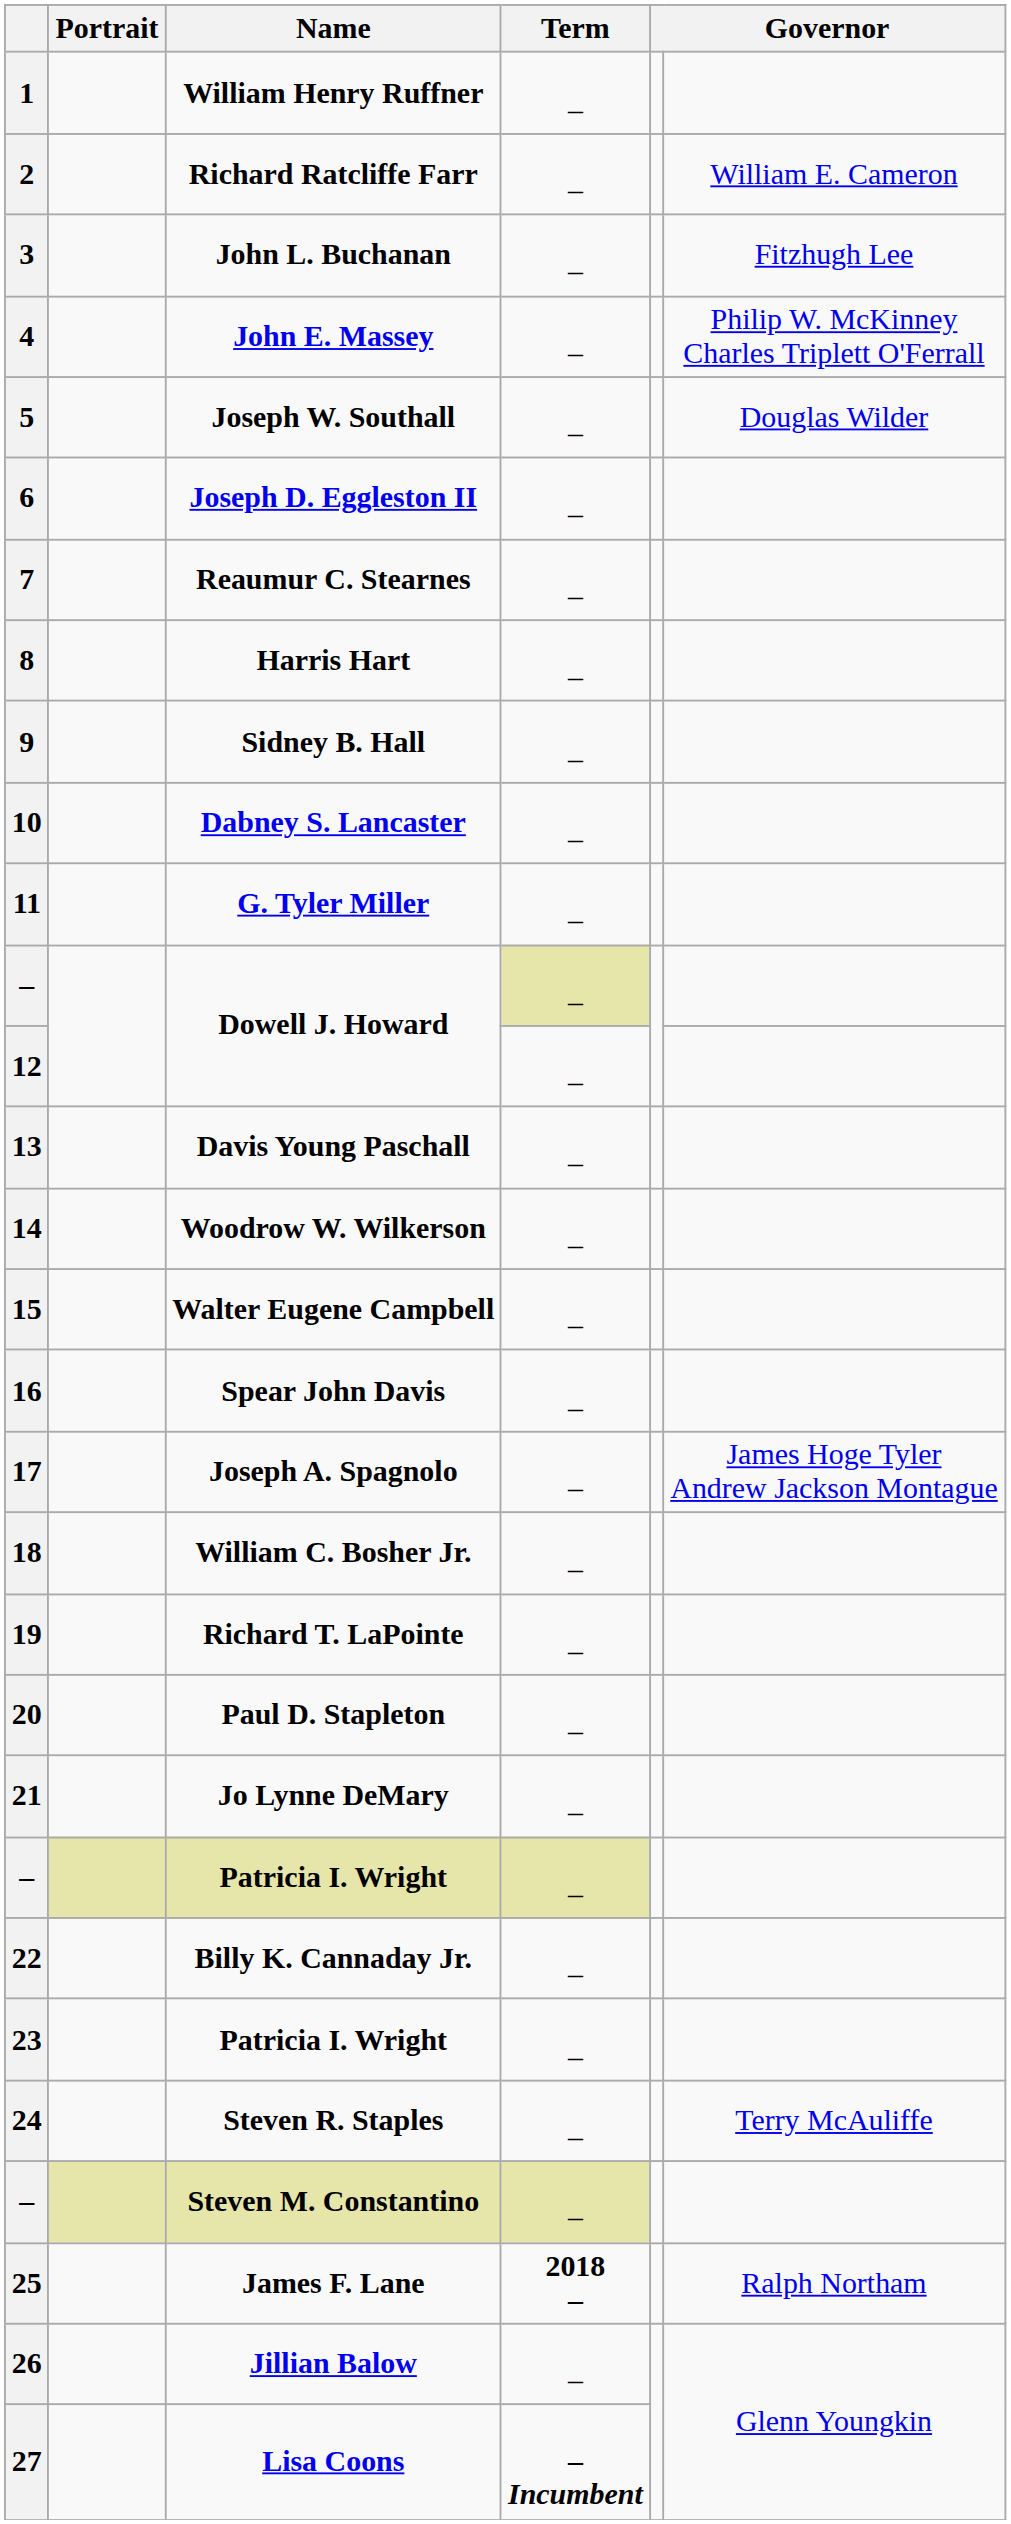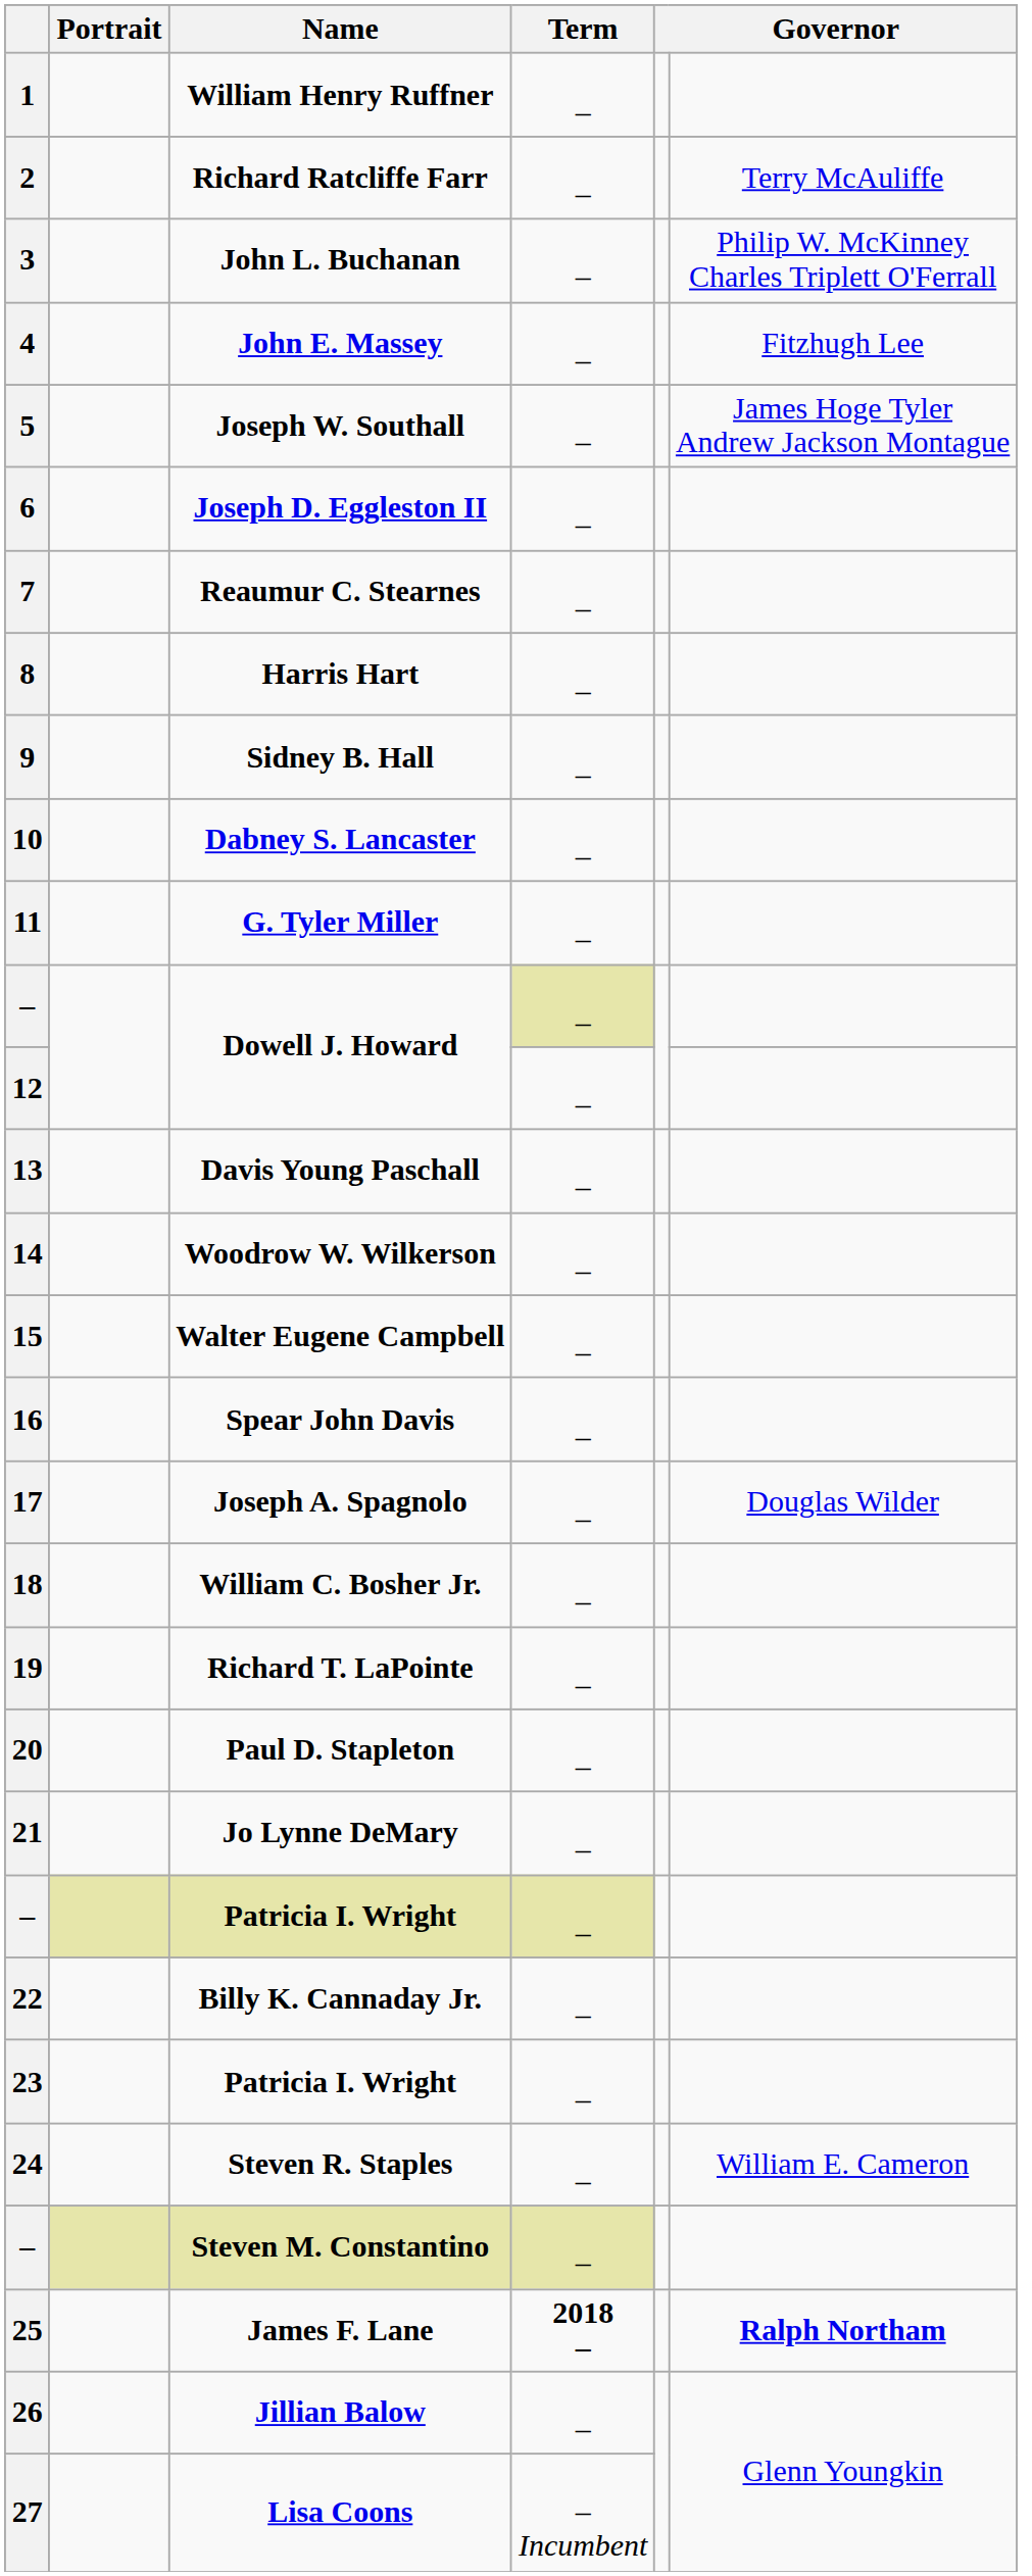 <table class="wikitable sortable" style=text-align:center;>
 <tr>
 <th scope=col></th>
 <th scope=col class=unsortable>Portrait</th>
 <th scope=col>Name<br></th>
 <th scope=col class=unsortable>Term</th>
 <th scope=col colspan=2>Governor</th>
 </tr>
 <tr>
 <th scope=row>1</th>
 <td></td>
 <td data-sort-value="Ruffner, William Henry"><strong>William Henry Ruffner</strong><br></td>
 <td><br>–<br></td>
 <td style="background-color:"></td>
 <td></td>
 </tr>
 <tr>
 <th scope=row>2</th>
 <td></td>
 <td data-sort-value="Farr, Richard Ratcliffe"><strong>Richard Ratcliffe Farr</strong><br></td>
 <td><br>–<br></td>
 <td style="background-color:"></td>
-<td><a href='#'>William E. Cameron</a></td>
+<td data-sort-value="McAuliffe, Terry"><a href='#'>Terry McAuliffe</a></td>
 </tr>
 <tr>
 <th scope=row>3</th>
 <td></td>
 <td data-sort-value="Buchanan, John L"><strong>John L. Buchanan</strong></td>
 <td><br>–<br></td>
 <td style="background-color:"></td>
-<td><a href='#'>Fitzhugh Lee</a></td>
+<td><a href='#'>Philip W. McKinney</a><br><a href='#'>Charles Triplett O'Ferrall</a></td>
 </tr>
 <tr>
 <th scope=row>4</th>
 <td></td>
 <td data-sort-value="Massey, John Edward"><strong><a href='#'>John E. Massey</a></strong><br></td>
 <td><br>–<br></td>
 <td style="background: linear-gradient("></td>
-<td><a href='#'>Philip W. McKinney</a><br><a href='#'>Charles Triplett O'Ferrall</a></td>
+<td><a href='#'>Fitzhugh Lee</a></td>
 </tr>
 <tr>
 <th scope=row>5</th>
 <td></td>
 <td data-sort-value="Southall, Joseph Wells"><strong>Joseph W. Southall</strong><br></td>
 <td><br>–<br></td>
 <td style="background: linear-gradient("></td>
-<td data-sort-value="Wilder, Douglas"><a href='#'>Douglas Wilder</a></td>
+<td><a href='#'>James Hoge Tyler</a><br><a href='#'>Andrew Jackson Montague</a></td>
 </tr>
 <tr>
 <th scope=row>6</th>
 <td></td>
 <td data-sort-value="Eggleston, Joseph Dupuy II"><strong><a href='#'>Joseph D. Eggleston II</a></strong><br></td>
 <td><br>–<br></td>
 <td style="background-color:"></td>
 <td></td>
 </tr>
 <tr>
 <th scope=row>7</th>
 <td></td>
 <td data-sort-value="Stearnes, Reaumur Coleman"><strong>Reaumur C. Stearnes</strong><br></td>
 <td><br>–<br></td>
 <td style="background-color:"></td>
 <td></td>
 </tr>
 <tr>
 <th scope=row>8</th>
 <td></td>
 <td data-sort-value="Hart, Harris"><strong>Harris Hart</strong><br></td>
 <td><br>–<br></td>
 <td style="background-color:"></td>
 <td></td>
 </tr>
 <tr>
 <th scope=row>9</th>
 <td></td>
 <td data-sort-value="Hall, Sidney Bartlett"><strong>Sidney B. Hall</strong></td>
 <td><br>–<br></td>
 <td style="background-color:"></td>
 <td></td>
 </tr>
 <tr>
 <th scope=row>10</th>
 <td></td>
 <td data-sort-value="Lancaster, Dabney Stewart"><strong><a href='#'>Dabney S. Lancaster</a></strong><br></td>
 <td><br>–<br></td>
 <td style="background-color:"></td>
 <td></td>
 </tr>
 <tr>
 <th scope=row>11</th>
 <td></td>
 <td data-sort-value="Miller, George Tyler"><strong><a href='#'>G. Tyler Miller</a></strong><br></td>
 <td><br>–<br></td>
 <td style="background-color:"></td>
 <td></td>
 </tr>
 <tr>
 <th scope=row>–</th>
 <td rowspan=2></td>
 <td rowspan=2 data-sort-value="Howard, Dowell J"><strong>Dowell J. Howard</strong><br></td>
 <td bgcolor="#e6e6aa"><br>–<br></td>
 <td rowspan=2 style="background-color:"></td>
 <td></td>
 </tr>
 <tr>
 <th scope=row>12</th>
 <td><br>–<br></td>
 <td></td>
 </tr>
 <tr>
 <th scope=row>13</th>
 <td></td>
 <td data-sort-value="Paschall, Davis Young"><strong>Davis Young Paschall</strong><br></td>
 <td><br>–<br></td>
 <td style="background-color:"></td>
 <td></td>
 </tr>
 <tr>
 <th scope=row>14</th>
 <td></td>
 <td data-sort-value="Wilkerson, Woodrow Wilson"><strong>Woodrow W. Wilkerson</strong><br></td>
 <td><br>–<br></td>
 <td></td>
 <td></td>
 </tr>
 <tr>
 <th scope=row>15</th>
 <td></td>
 <td data-sort-value="Campbell, Walter Eugene"><strong>Walter Eugene Campbell</strong><br></td>
 <td><br>–<br></td>
 <td style="background-color:"></td>
 <td></td>
 </tr>
 <tr>
 <th scope=row>16</th>
 <td></td>
 <td data-sort-value="Davis, Spear John"><strong>Spear John Davis</strong><br></td>
 <td><br>–<br></td>
 <td></td>
 <td></td>
 </tr>
 <tr>
 <th scope=row>17</th>
 <td></td>
 <td data-sort-value="Spagnolo, Joseph A"><strong>Joseph A. Spagnolo</strong><br></td>
 <td><br>–<br></td>
 <td style="background-color:"></td>
-<td><a href='#'>James Hoge Tyler</a><br><a href='#'>Andrew Jackson Montague</a></td>
+<td data-sort-value="Wilder, Douglas"><a href='#'>Douglas Wilder</a></td>
 </tr>
 <tr>
 <th scope=row>18</th>
 <td></td>
 <td data-sort-value="Bosher, William Cleveland Jr."><strong>William C. Bosher Jr.</strong><br></td>
 <td><br>–<br></td>
 <td style="background-color:"></td>
 <td></td>
 </tr>
 <tr>
 <th scope=row>19</th>
 <td></td>
 <td data-sort-value="LaPointe, Richard T"><strong>Richard T. LaPointe</strong></td>
 <td><br>–<br></td>
 <td style="background-color:"></td>
 <td></td>
 </tr>
 <tr>
 <th scope=row>20</th>
 <td></td>
 <td data-sort-value="Stapleton, Paul D"><strong>Paul D. Stapleton</strong></td>
 <td><br>–<br></td>
 <td style="background-color:"></td>
 <td></td>
 </tr>
 <tr>
 <th scope=row>21</th>
 <td></td>
 <td data-sort-value="DeMary, Jo Lynne"><strong>Jo Lynne DeMary</strong></td>
 <td><br>–<br></td>
 <td></td>
 <td></td>
 </tr>
 <tr>
 <th bgcolor="#e6e6aa" scope=row>–</th>
 <td bgcolor="#e6e6aa"></td>
 <td bgcolor="#e6e6aa" data-sort-value="Wright, Patricia I 1"><strong>Patricia I. Wright</strong></td>
 <td bgcolor="#e6e6aa"><br>–<br></td>
 <td style="background-color:"></td>
 <td></td>
 </tr>
 <tr>
 <th scope=row>22</th>
 <td></td>
 <td data-sort-value="Cannaday, Billy K Jr."><strong>Billy K. Cannaday Jr.</strong></td>
 <td><br>–<br></td>
 <td style="background-color:"></td>
 <td></td>
 </tr>
 <tr>
 <th scope=row>23</th>
 <td></td>
 <td data-sort-value="Wright, Patricia I 2"><strong>Patricia I. Wright</strong></td>
 <td><br>–<br></td>
 <td></td>
 <td></td>
 </tr>
 <tr>
 <th scope=row>24</th>
 <td></td>
 <td data-sort-value="Staples, Steven R"><strong>Steven R. Staples</strong></td>
 <td><br>–<br></td>
 <td style="background-color:"></td>
-<td data-sort-value="McAuliffe, Terry"><a href='#'>Terry McAuliffe</a></td>
+<td><a href='#'>William E. Cameron</a></td>
 </tr>
 <tr>
 <th bgcolor="#e6e6aa" scope=row>–</th>
 <td bgcolor="#e6e6aa"></td>
 <td bgcolor="#e6e6aa" data-sort-value="Constantino, Steven M"><strong>Steven M. Constantino</strong></td>
 <td bgcolor="#e6e6aa"><br>–<br></td>
 <td></td>
 <td></td>
 </tr>
 <tr>
 <th scope=row>25</th>
 <td></td>
 <td data-sort-value="Lane, James F"><strong>James F. Lane</strong></td>
 <td {{dts><strong>2018<br>–<br></strong></td>
 <td style="background-color:"></td>
-<td data-sort-value="Northam, Ralph"><a href='#'>Ralph Northam</a></td>
+<td data-sort-value="Northam, Ralph"><strong><a href='#'>Ralph Northam</a></strong></td>
 </tr>
 <tr>
 <th scope=row>26</th>
 <td></td>
 <td data-sort-value="Balow, Jillian"><strong><a href='#'>Jillian Balow</a></strong><br></td>
 <td><br>–<br></td>
 <td rowspan=2 style="background-color:"></td>
 <td rowspan=2 data-sort-value="Youngkin, Glenn"><a href='#'>Glenn Youngkin</a></td>
 </tr>
 <tr>
 <th scope=row>27</th>
 <td></td>
 <td data-sort-value="Coons, Lisa"><strong><a href='#'>Lisa Coons</a></strong></td>
-<td><strong><br>–<br><em>Incumbent</em></strong></td>
+<td><br>–<br><em>Incumbent</em></td>
 </tr>
 </table>
